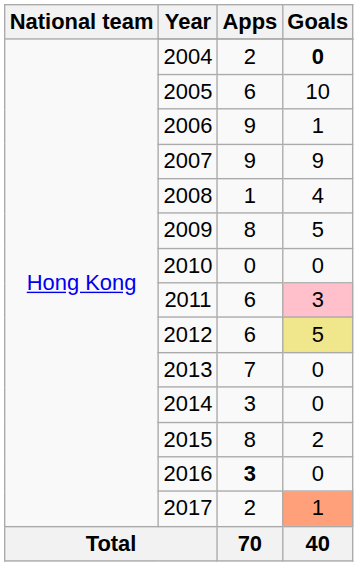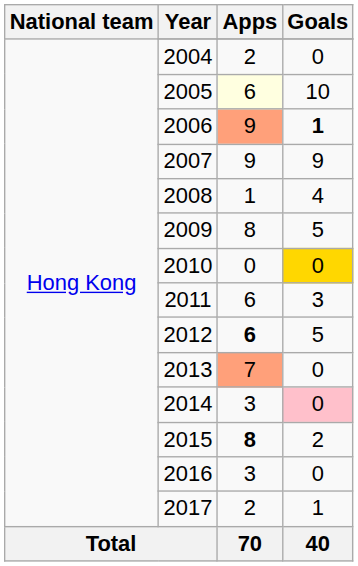 <table class="wikitable" style="text-align:center">
 <tr>
 <th>National team</th>
 <th>Year</th>
 <th>Apps</th>
 <th>Goals</th>
 </tr>
 <tr>
 <td rowspan="15"><a href='#'>Hong Kong</a></td>
 </tr>
 <tr>
 <td>2004</td>
 <td>2</td>
-<td><strong>0</strong></td>
+<td>0</td>
 </tr>
 <tr>
 <td>2005</td>
-<td>6</td>
+<td style="background: lightyellow;">6</td>
 <td>10</td>
 </tr>
 <tr>
 <td>2006</td>
-<td>9</td>
-<td>1</td>
+<td style="background: lightsalmon;">9</td>
+<td><strong>1</strong></td>
 </tr>
 <tr>
 <td>2007</td>
 <td>9</td>
 <td>9</td>
 </tr>
 <tr>
 <td>2008</td>
 <td>1</td>
 <td>4</td>
 </tr>
 <tr>
 <td>2009</td>
 <td>8</td>
 <td>5</td>
 </tr>
 <tr>
 <td>2010</td>
 <td>0</td>
-<td>0</td>
+<td style="background: gold;">0</td>
 </tr>
 <tr>
 <td>2011</td>
 <td>6</td>
-<td style="background: pink;">3</td>
+<td>3</td>
 </tr>
 <tr>
 <td>2012</td>
-<td>6</td>
-<td style="background: khaki;">5</td>
+<td><strong>6</strong></td>
+<td>5</td>
 </tr>
 <tr>
 <td>2013</td>
-<td>7</td>
+<td style="background: lightsalmon;">7</td>
 <td>0</td>
 </tr>
 <tr>
 <td>2014</td>
 <td>3</td>
-<td>0</td>
+<td style="background: pink;">0</td>
 </tr>
 <tr>
 <td>2015</td>
-<td>8</td>
+<td><strong>8</strong></td>
 <td>2</td>
 </tr>
 <tr>
 <td>2016</td>
-<td><strong>3</strong></td>
+<td>3</td>
 <td>0</td>
 </tr>
 <tr>
 <td>2017</td>
 <td>2</td>
-<td style="background: lightsalmon;">1</td>
+<td>1</td>
 </tr>
 <tr>
 <th colspan=2>Total</th>
 <th>70</th>
 <th>40</th>
 </tr>
 </table>
